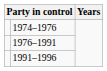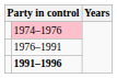 <table class="wikitable">
 <tr>
 <th colspan="2">Party in control</th>
 <th>Years</th>
 </tr>
 <tr>
 <td></td>
-<td>1974–1976</td>
+<td style="background: pink;">1974–1976</td>
 </tr>
 <tr>
 <td></td>
 <td>1976–1991</td>
 </tr>
 <tr>
 <td></td>
-<td>1991–1996</td>
+<td><strong>1991–1996</strong></td>
 </tr>
 </table>
